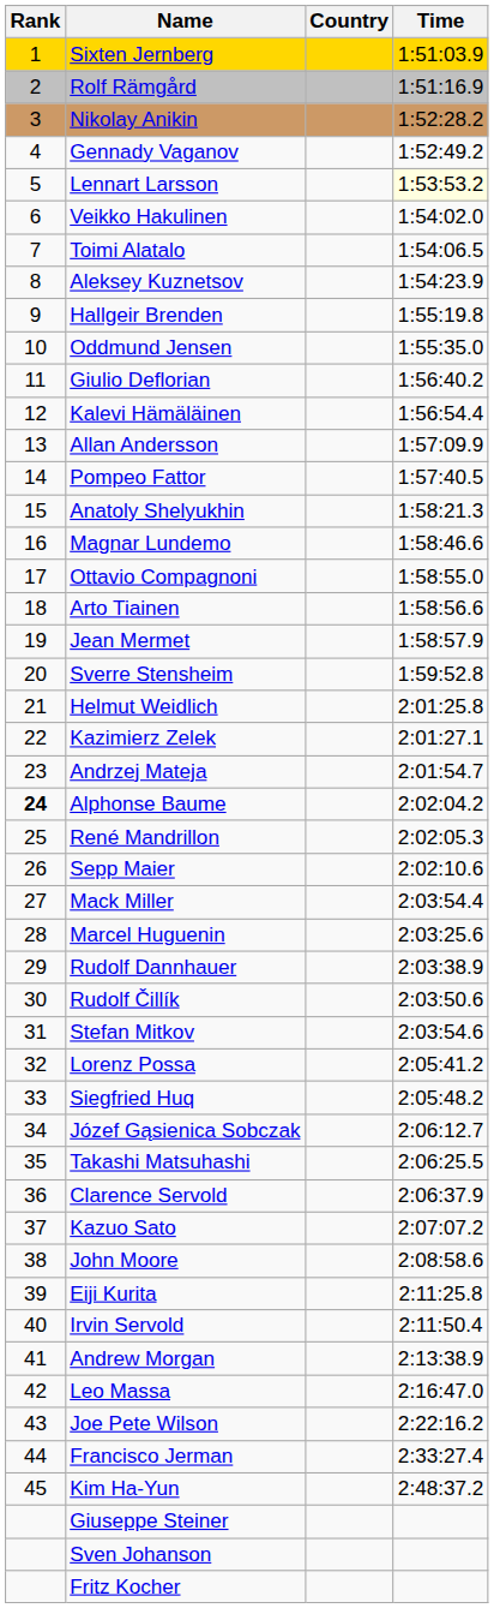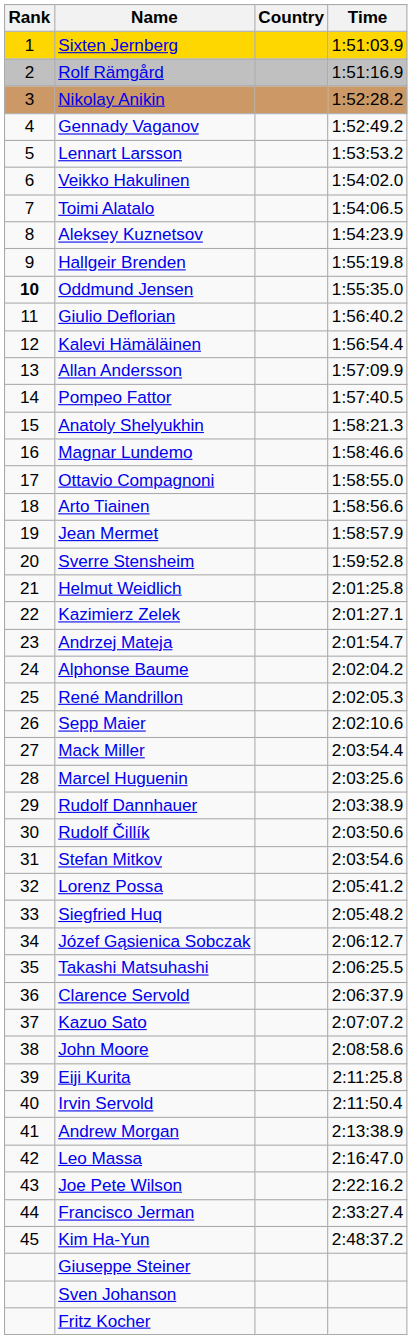 <table class="wikitable sortable" style="text-align:center">
 <tr>
 <th>Rank</th>
 <th>Name</th>
 <th>Country</th>
 <th>Time</th>
 </tr>
 <tr bgcolor=gold>
 <td>1</td>
 <td align="left"><a href='#'>Sixten Jernberg</a></td>
 <td align="left"></td>
 <td>1:51:03.9</td>
 </tr>
 <tr bgcolor=silver>
 <td>2</td>
 <td align="left"><a href='#'>Rolf Rämgård</a></td>
 <td align="left"></td>
 <td>1:51:16.9</td>
 </tr>
 <tr bgcolor=#CC9966>
 <td>3</td>
 <td align="left"><a href='#'>Nikolay Anikin</a></td>
 <td align="left"></td>
 <td>1:52:28.2</td>
 </tr>
 <tr>
 <td>4</td>
 <td align="left"><a href='#'>Gennady Vaganov</a></td>
 <td align="left"></td>
 <td>1:52:49.2</td>
 </tr>
 <tr>
 <td>5</td>
 <td align="left"><a href='#'>Lennart Larsson</a></td>
 <td align="left"></td>
-<td style="background: lightyellow;">1:53:53.2</td>
+<td>1:53:53.2</td>
 </tr>
 <tr>
 <td>6</td>
 <td align="left"><a href='#'>Veikko Hakulinen</a></td>
 <td align="left"></td>
 <td>1:54:02.0</td>
 </tr>
 <tr>
 <td>7</td>
 <td align="left"><a href='#'>Toimi Alatalo</a></td>
 <td align="left"></td>
 <td>1:54:06.5</td>
 </tr>
 <tr>
 <td>8</td>
 <td align="left"><a href='#'>Aleksey Kuznetsov</a></td>
 <td align="left"></td>
 <td>1:54:23.9</td>
 </tr>
 <tr>
 <td>9</td>
 <td align="left"><a href='#'>Hallgeir Brenden</a></td>
 <td align="left"></td>
 <td>1:55:19.8</td>
 </tr>
 <tr>
-<td>10</td>
+<td><strong>10</strong></td>
 <td align="left"><a href='#'>Oddmund Jensen</a></td>
 <td align="left"></td>
 <td>1:55:35.0</td>
 </tr>
 <tr>
 <td>11</td>
 <td align="left"><a href='#'>Giulio Deflorian</a></td>
 <td align="left"></td>
 <td>1:56:40.2</td>
 </tr>
 <tr>
 <td>12</td>
 <td align="left"><a href='#'>Kalevi Hämäläinen</a></td>
 <td align="left"></td>
 <td>1:56:54.4</td>
 </tr>
 <tr>
 <td>13</td>
 <td align="left"><a href='#'>Allan Andersson</a></td>
 <td align="left"></td>
 <td>1:57:09.9</td>
 </tr>
 <tr>
 <td>14</td>
 <td align="left"><a href='#'>Pompeo Fattor</a></td>
 <td align="left"></td>
 <td>1:57:40.5</td>
 </tr>
 <tr>
 <td>15</td>
 <td align="left"><a href='#'>Anatoly Shelyukhin</a></td>
 <td align="left"></td>
 <td>1:58:21.3</td>
 </tr>
 <tr>
 <td>16</td>
 <td align="left"><a href='#'>Magnar Lundemo</a></td>
 <td align="left"></td>
 <td>1:58:46.6</td>
 </tr>
 <tr>
 <td>17</td>
 <td align="left"><a href='#'>Ottavio Compagnoni</a></td>
 <td align="left"></td>
 <td>1:58:55.0</td>
 </tr>
 <tr>
 <td>18</td>
 <td align="left"><a href='#'>Arto Tiainen</a></td>
 <td align="left"></td>
 <td>1:58:56.6</td>
 </tr>
 <tr>
 <td>19</td>
 <td align="left"><a href='#'>Jean Mermet</a></td>
 <td align="left"></td>
 <td>1:58:57.9</td>
 </tr>
 <tr>
 <td>20</td>
 <td align="left"><a href='#'>Sverre Stensheim</a></td>
 <td align="left"></td>
 <td>1:59:52.8</td>
 </tr>
 <tr>
 <td>21</td>
 <td align="left"><a href='#'>Helmut Weidlich</a></td>
 <td align="left"></td>
 <td>2:01:25.8</td>
 </tr>
 <tr>
 <td>22</td>
 <td align="left"><a href='#'>Kazimierz Zelek</a></td>
 <td align="left"></td>
 <td>2:01:27.1</td>
 </tr>
 <tr>
 <td>23</td>
 <td align="left"><a href='#'>Andrzej Mateja</a></td>
 <td align="left"></td>
 <td>2:01:54.7</td>
 </tr>
 <tr>
-<td><strong>24</strong></td>
+<td>24</td>
 <td align="left"><a href='#'>Alphonse Baume</a></td>
 <td align="left"></td>
 <td>2:02:04.2</td>
 </tr>
 <tr>
 <td>25</td>
 <td align="left"><a href='#'>René Mandrillon</a></td>
 <td align="left"></td>
 <td>2:02:05.3</td>
 </tr>
 <tr>
 <td>26</td>
 <td align="left"><a href='#'>Sepp Maier</a></td>
 <td align="left"></td>
 <td>2:02:10.6</td>
 </tr>
 <tr>
 <td>27</td>
 <td align="left"><a href='#'>Mack Miller</a></td>
 <td align="left"></td>
 <td>2:03:54.4</td>
 </tr>
 <tr>
 <td>28</td>
 <td align="left"><a href='#'>Marcel Huguenin</a></td>
 <td align="left"></td>
 <td>2:03:25.6</td>
 </tr>
 <tr>
 <td>29</td>
 <td align="left"><a href='#'>Rudolf Dannhauer</a></td>
 <td align="left"></td>
 <td>2:03:38.9</td>
 </tr>
 <tr>
 <td>30</td>
 <td align="left"><a href='#'>Rudolf Čillík</a></td>
 <td align="left"></td>
 <td>2:03:50.6</td>
 </tr>
 <tr>
 <td>31</td>
 <td align="left"><a href='#'>Stefan Mitkov</a></td>
 <td align="left"></td>
 <td>2:03:54.6</td>
 </tr>
 <tr>
 <td>32</td>
 <td align="left"><a href='#'>Lorenz Possa</a></td>
 <td align="left"></td>
 <td>2:05:41.2</td>
 </tr>
 <tr>
 <td>33</td>
 <td align="left"><a href='#'>Siegfried Huq</a></td>
 <td align="left"></td>
 <td>2:05:48.2</td>
 </tr>
 <tr>
 <td>34</td>
 <td align="left"><a href='#'>Józef Gąsienica Sobczak</a></td>
 <td align="left"></td>
 <td>2:06:12.7</td>
 </tr>
 <tr>
 <td>35</td>
 <td align="left"><a href='#'>Takashi Matsuhashi</a></td>
 <td align="left"></td>
 <td>2:06:25.5</td>
 </tr>
 <tr>
 <td>36</td>
 <td align="left"><a href='#'>Clarence Servold</a></td>
 <td align="left"></td>
 <td>2:06:37.9</td>
 </tr>
 <tr>
 <td>37</td>
 <td align="left"><a href='#'>Kazuo Sato</a></td>
 <td align="left"></td>
 <td>2:07:07.2</td>
 </tr>
 <tr>
 <td>38</td>
 <td align="left"><a href='#'>John Moore</a></td>
 <td align="left"></td>
 <td>2:08:58.6</td>
 </tr>
 <tr>
 <td>39</td>
 <td align="left"><a href='#'>Eiji Kurita</a></td>
 <td align="left"></td>
 <td>2:11:25.8</td>
 </tr>
 <tr>
 <td>40</td>
 <td align="left"><a href='#'>Irvin Servold</a></td>
 <td align="left"></td>
 <td>2:11:50.4</td>
 </tr>
 <tr>
 <td>41</td>
 <td align="left"><a href='#'>Andrew Morgan</a></td>
 <td align="left"></td>
 <td>2:13:38.9</td>
 </tr>
 <tr>
 <td>42</td>
 <td align="left"><a href='#'>Leo Massa</a></td>
 <td align="left"></td>
 <td>2:16:47.0</td>
 </tr>
 <tr>
 <td>43</td>
 <td align="left"><a href='#'>Joe Pete Wilson</a></td>
 <td align="left"></td>
 <td>2:22:16.2</td>
 </tr>
 <tr>
 <td>44</td>
 <td align="left"><a href='#'>Francisco Jerman</a></td>
 <td align="left"></td>
 <td>2:33:27.4</td>
 </tr>
 <tr>
 <td>45</td>
 <td align="left"><a href='#'>Kim Ha-Yun</a></td>
 <td align="left"></td>
 <td>2:48:37.2</td>
 </tr>
 <tr>
 <td></td>
 <td align="left"><a href='#'>Giuseppe Steiner</a></td>
 <td align="left"></td>
 <td></td>
 </tr>
 <tr>
 <td></td>
 <td align="left"><a href='#'>Sven Johanson</a></td>
 <td align="left"></td>
 <td></td>
 </tr>
 <tr>
 <td></td>
 <td align="left"><a href='#'>Fritz Kocher</a></td>
 <td align="left"></td>
 <td></td>
 </tr>
 </table>
